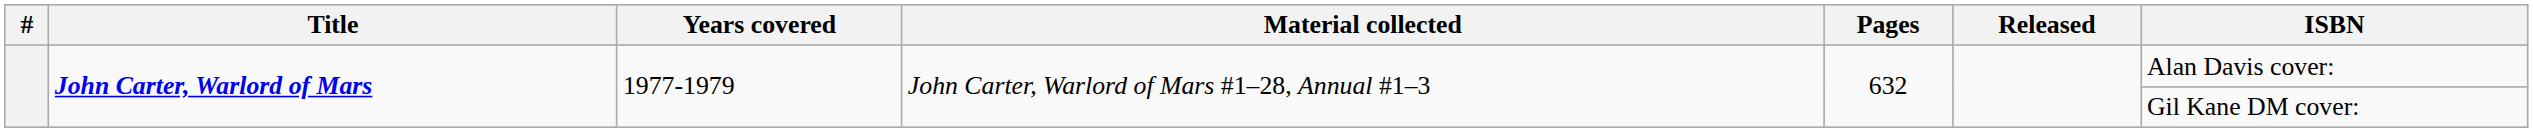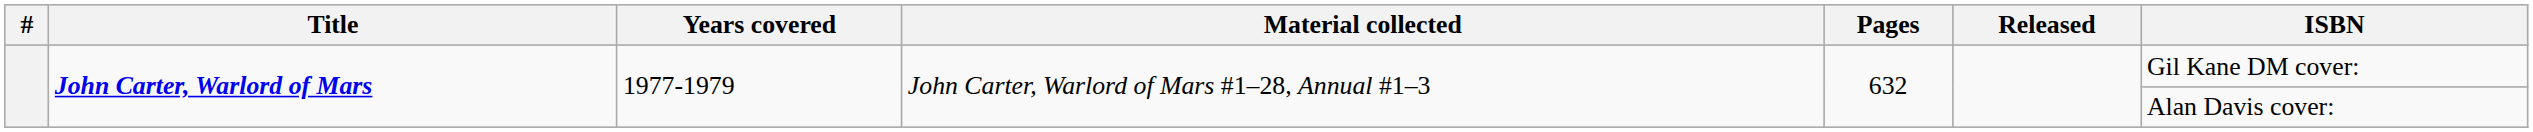 <table class="wikitable sortable" width=99%>
 <tr>
 <th class="unsortable" width=20px>#</th>
 <th>Title</th>
 <th>Years covered</th>
 <th class="unsortable">Material collected</th>
 <th>Pages</th>
 <th>Released</th>
 <th class="unsortable">ISBN</th>
 </tr>
 <tr>
 <th style="background-color: light grey;" rowspan=2></th>
 <td rowspan=2><strong><em><a href='#'>John Carter, Warlord of Mars</a></em></strong></td>
 <td rowspan=2>1977-1979</td>
 <td rowspan=2><em>John Carter, Warlord of Mars</em> #1–28, <em>Annual</em> #1–3</td>
 <td style="text-align: center;" rowspan=2>632</td>
 <td rowspan=2></td>
+<td>Gil Kane DM cover: </td>
+</tr>
+<tr>
 <td>Alan Davis cover: </td>
 </tr>
-<tr>
-<td>Gil Kane DM cover: </td>
-</tr>
 </table>
